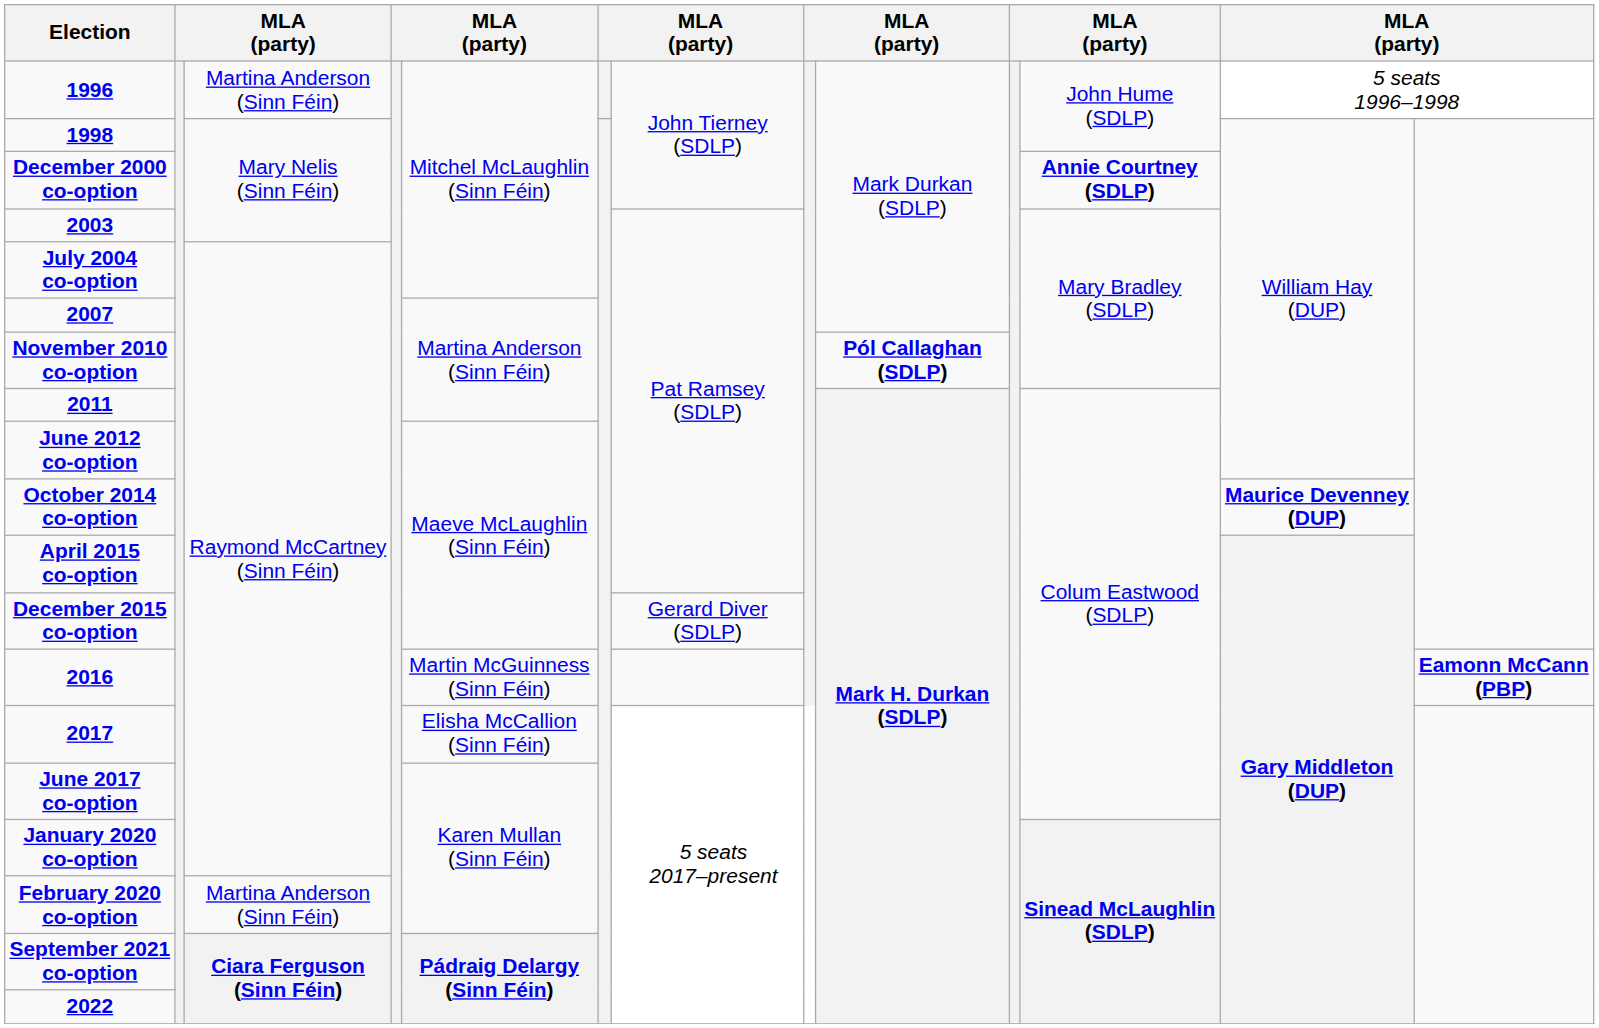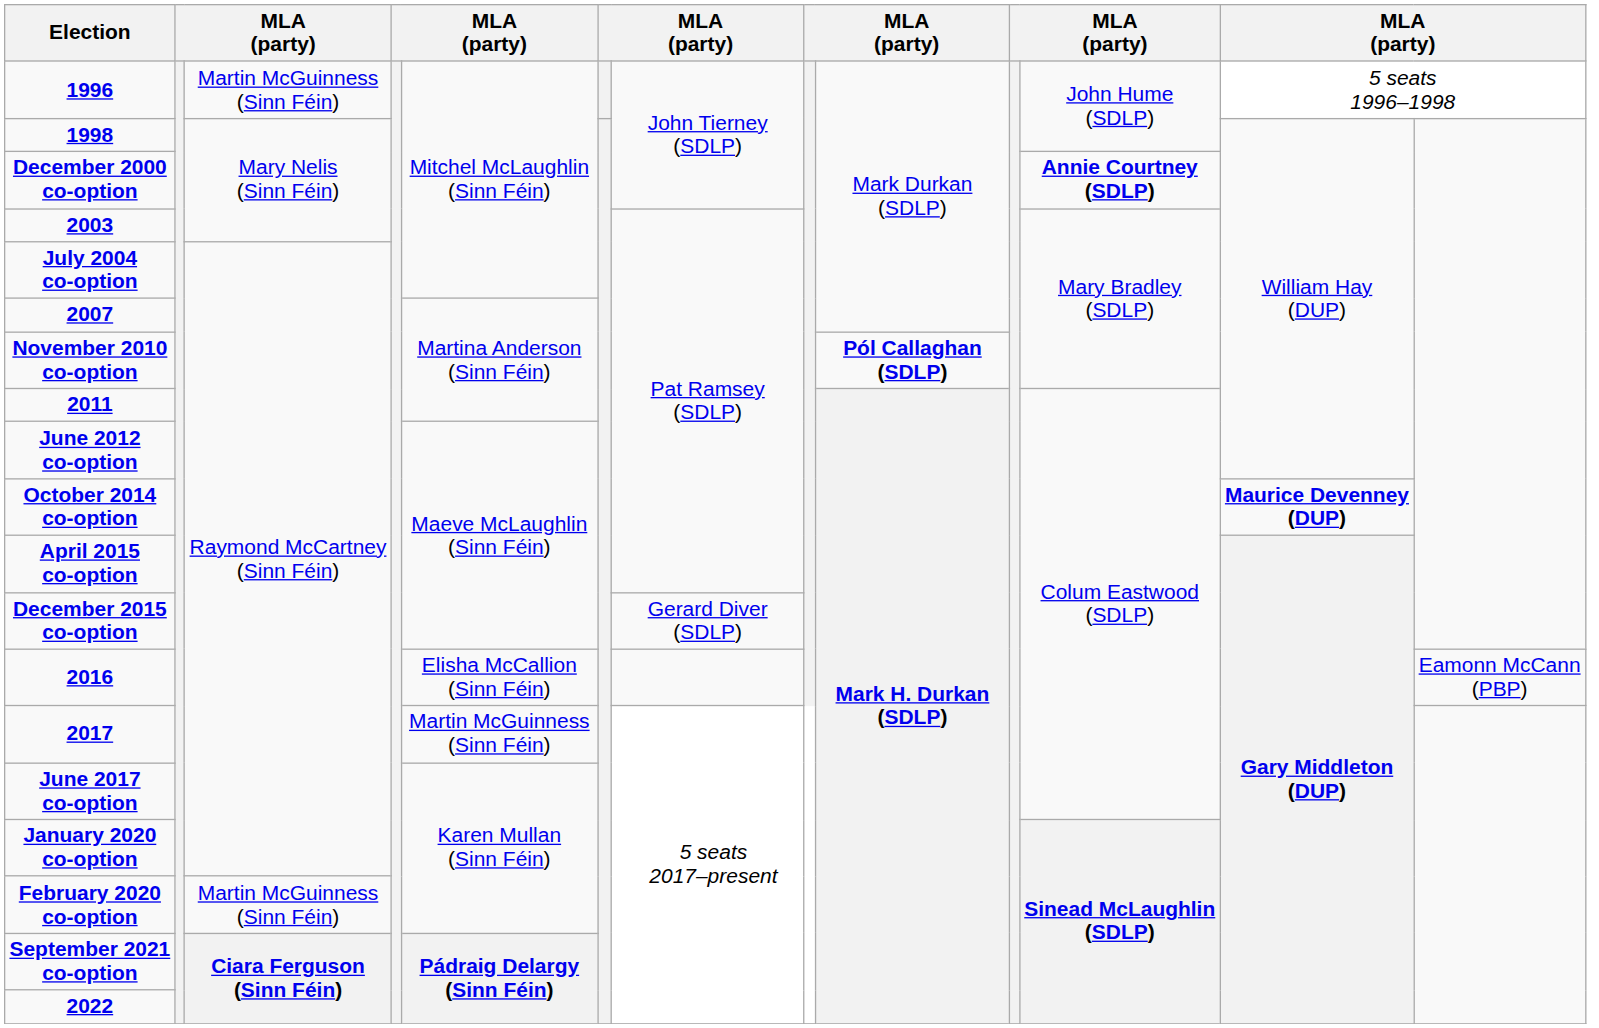 <table class="wikitable" style="text-align:center">
 <tr>
 <th>Election</th>
 <th scope="col" width="150" colspan = "2">MLA<br> (party)</th>
 <th scope="col" width="150" colspan = "2">MLA<br> (party)</th>
 <th scope="col" width="150" colspan = "2">MLA<br> (party)</th>
 <th scope="col" width="150" colspan = "2">MLA<br> (party)</th>
 <th scope="col" width="150" colspan = "2">MLA<br> (party)</th>
 <th scope="col" width="150" colspan = "2">MLA<br> (party)</th>
 </tr>
 <tr>
 <td><strong><a href='#'>1996</a></strong></td>
 <th rowspan="19" style="background-color: "></th>
-<td><a href='#'>Martina Anderson</a><br>(<a href='#'>Sinn Féin</a>)</td>
+<td><a href='#'>Martin McGuinness</a><br>(<a href='#'>Sinn Féin</a>)</td>
 <th rowspan="19" style="background-color: "></th>
 <td rowspan=5><a href='#'>Mitchel McLaughlin</a><br>(<a href='#'>Sinn Féin</a>)</td>
 <th style="background-color: "></th>
 <td rowspan=3><a href='#'>John Tierney</a><br>(<a href='#'>SDLP</a>)</td>
 <th rowspan="19" style="background-color: "></th>
 <td rowspan=6><a href='#'>Mark Durkan</a><br>(<a href='#'>SDLP</a>)</td>
 <th rowspan="19" style="background-color: "></th>
 <td rowspan=2><a href='#'>John Hume</a><br>(<a href='#'>SDLP</a>)</td>
 <td style="background-color:#FFFFFF" colspan=2><em>5 seats<br>1996–1998</em></td>
 </tr>
 <tr>
 <td><strong><a href='#'>1998</a></strong></td>
 <td rowspan=3><a href='#'>Mary Nelis</a><br>(<a href='#'>Sinn Féin</a>)</td>
 <th rowspan="18" style="background-color: "></th>
 <td rowspan=8><a href='#'>William Hay</a><br>(<a href='#'>DUP</a>)</td>
 </tr>
 <tr>
 <td><strong><a href='#'>December 2000<br>co-option</a></strong></td>
 <td><strong><a href='#'>Annie Courtney</a><br>(<a href='#'>SDLP</a>)</strong></td>
 </tr>
 <tr>
 <td><strong><a href='#'>2003</a></strong></td>
 <td rowspan=8><a href='#'>Pat Ramsey</a><br>(<a href='#'>SDLP</a>)</td>
 <td rowspan=4><a href='#'>Mary Bradley</a><br>(<a href='#'>SDLP</a>)</td>
 </tr>
 <tr>
 <td><strong><a href='#'>July 2004<br>co-option</a></strong></td>
 <td rowspan=12><a href='#'>Raymond McCartney</a><br>(<a href='#'>Sinn Féin</a>)</td>
 </tr>
 <tr>
 <td><strong><a href='#'>2007</a></strong></td>
 <td rowspan=3><a href='#'>Martina Anderson</a><br>(<a href='#'>Sinn Féin</a>)</td>
 </tr>
 <tr>
 <td><strong><a href='#'>November 2010<br>co-option</a></strong></td>
 <td><strong><a href='#'>Pól Callaghan</a><br>(<a href='#'>SDLP</a>)</strong></td>
 </tr>
 <tr>
 <td><strong><a href='#'>2011</a></strong></td>
 <th rowspan="12"><a href='#'>Mark H. Durkan</a><br>(<a href='#'>SDLP</a>)</th>
 <td rowspan=8><a href='#'>Colum Eastwood</a><br>(<a href='#'>SDLP</a>)</td>
 </tr>
 <tr>
 <td><strong><a href='#'>June 2012<br>co-option</a></strong></td>
 <td rowspan=4><a href='#'>Maeve McLaughlin</a><br>(<a href='#'>Sinn Féin</a>)</td>
 </tr>
 <tr>
 <td><strong><a href='#'>October 2014<br>co-option</a></strong></td>
 <td><strong><a href='#'>Maurice Devenney</a><br>(<a href='#'>DUP</a>)</strong></td>
 </tr>
 <tr>
 <td><strong><a href='#'>April 2015<br>co-option</a></strong></td>
 <th rowspan="9"><a href='#'>Gary Middleton</a> <br>(<a href='#'>DUP</a>)</th>
 </tr>
 <tr>
 <td><strong><a href='#'>December 2015<br>co-option</a></strong></td>
 <td><a href='#'>Gerard Diver</a> <br>(<a href='#'>SDLP</a>)</td>
 </tr>
 <tr>
 <td><strong><a href='#'>2016</a></strong></td>
-<td><a href='#'>Martin McGuinness</a><br>(<a href='#'>Sinn Féin</a>)</td>
+<td><a href='#'>Elisha McCallion</a><br>(<a href='#'>Sinn Féin</a>)</td>
 <td style="background-color: "></td>
-<td><strong><a href='#'>Eamonn McCann</a><br>(<a href='#'>PBP</a>)</strong></td>
+<td><a href='#'>Eamonn McCann</a><br>(<a href='#'>PBP</a>)</td>
 </tr>
 <tr>
 <td><strong><a href='#'>2017</a></strong></td>
-<td><a href='#'>Elisha McCallion</a><br>(<a href='#'>Sinn Féin</a>)</td>
+<td><a href='#'>Martin McGuinness</a><br>(<a href='#'>Sinn Féin</a>)</td>
 <td colspan="2" rowspan="6" style="background-color:#FFFFFF"><em>5 seats<br>2017–present</em></td>
 </tr>
 <tr>
 <td><strong><a href='#'>June 2017<br>co-option</a></strong></td>
 <td rowspan=3><a href='#'>Karen Mullan</a><br>(<a href='#'>Sinn Féin</a>)</td>
 </tr>
 <tr>
 <td><strong><a href='#'>January 2020<br>co-option</a></strong></td>
 <th rowspan="4"><a href='#'>Sinead McLaughlin</a><br>(<a href='#'>SDLP</a>)</th>
 </tr>
 <tr>
 <td><strong><a href='#'>February 2020<br>co-option</a></strong></td>
-<td><a href='#'>Martina Anderson</a><br>(<a href='#'>Sinn Féin</a>)</td>
+<td><a href='#'>Martin McGuinness</a><br>(<a href='#'>Sinn Féin</a>)</td>
 </tr>
 <tr>
 <td><strong><a href='#'>September 2021<br>co-option</a></strong></td>
 <th rowspan=2><a href='#'>Ciara Ferguson</a><br>(<a href='#'>Sinn Féin</a>)</th>
 <th rowspan=2><a href='#'>Pádraig Delargy</a><br>(<a href='#'>Sinn Féin</a>)</th>
 </tr>
 <tr>
 <td><strong><a href='#'>2022</a></strong></td>
 </tr>
 </table>
